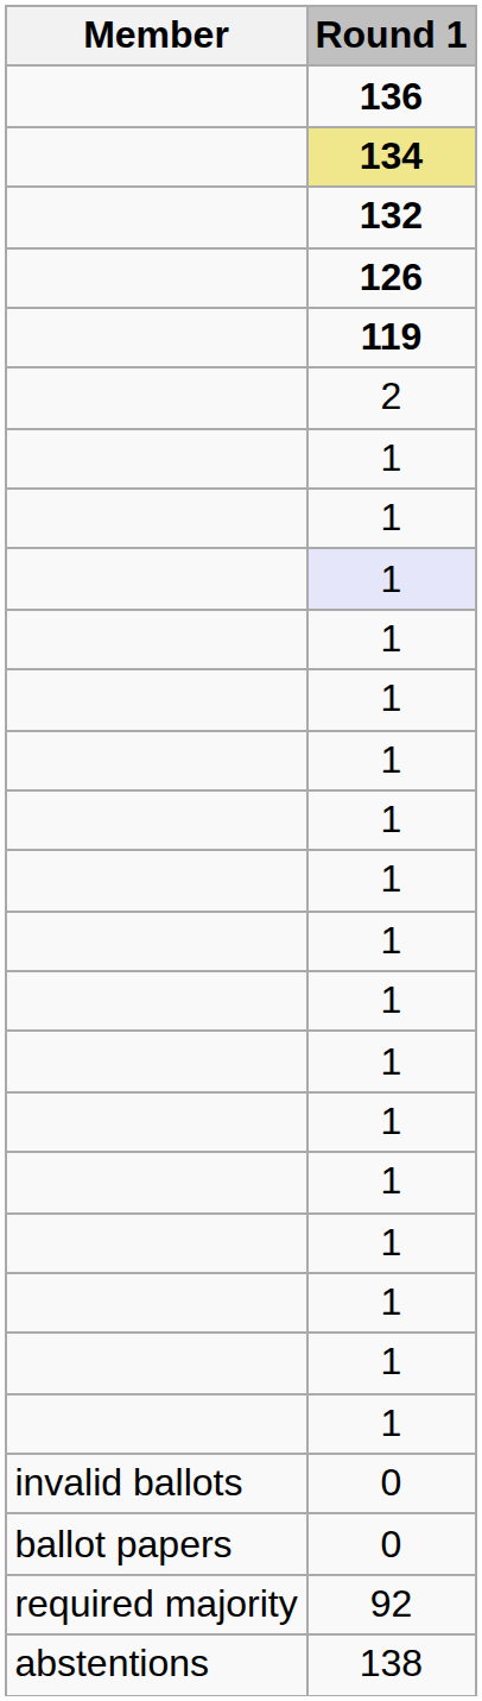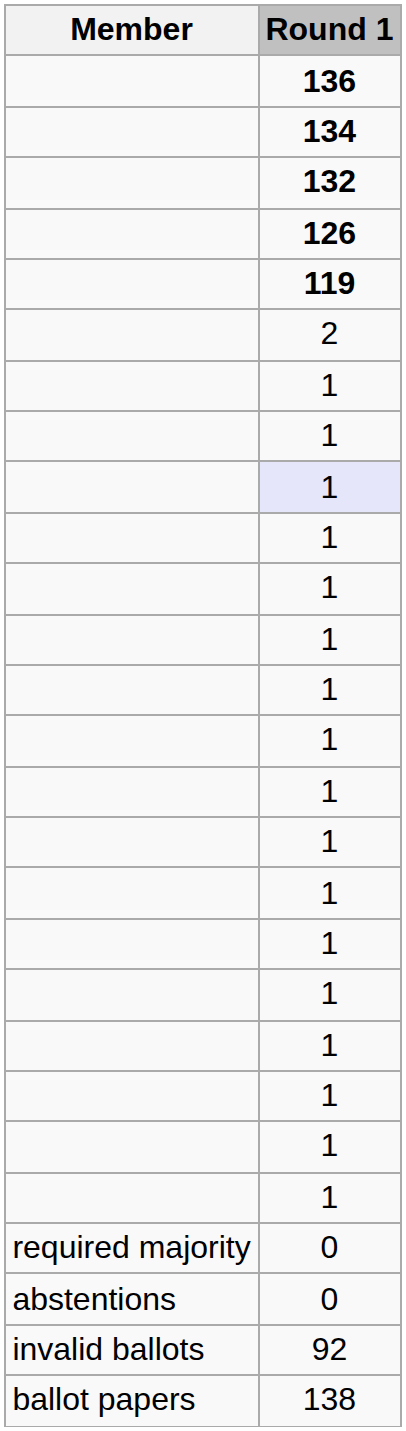 <table class="wikitable collapsible">
 <tr>
 <th>Member</th>
 <td style="background:silver;"><strong>Round 1</strong></td>
 </tr>
 <tr>
 <td></td>
 <td style="text-align:center;"><strong>136</strong></td>
 </tr>
 <tr>
 <td></td>
-<td style="background: khaki; text-align:center;"><strong>134</strong></td>
+<td style="text-align:center;"><strong>134</strong></td>
 </tr>
 <tr>
 <td></td>
 <td style="text-align:center;"><strong>132</strong></td>
 </tr>
 <tr>
 <td></td>
 <td style="text-align:center;"><strong>126</strong></td>
 </tr>
 <tr>
 <td></td>
 <td style="text-align:center;"><strong>119</strong></td>
 </tr>
 <tr>
 <td></td>
 <td style="text-align:center;">2</td>
 </tr>
 <tr>
 <td></td>
 <td style="text-align:center;">1</td>
 </tr>
 <tr>
 <td></td>
 <td style="text-align:center;">1</td>
 </tr>
 <tr>
 <td></td>
 <td style="background: lavender; text-align:center;">1</td>
 </tr>
 <tr>
 <td></td>
 <td style="text-align:center;">1</td>
 </tr>
 <tr>
 <td></td>
 <td style="text-align:center;">1</td>
 </tr>
 <tr>
 <td></td>
 <td style="text-align:center;">1</td>
 </tr>
 <tr>
 <td></td>
 <td style="text-align:center;">1</td>
 </tr>
 <tr>
 <td></td>
 <td style="text-align:center;">1</td>
 </tr>
 <tr>
 <td></td>
 <td style="text-align:center;">1</td>
 </tr>
 <tr>
 <td></td>
 <td style="text-align:center;">1</td>
 </tr>
 <tr>
 <td></td>
 <td style="text-align:center;">1</td>
 </tr>
 <tr>
 <td></td>
 <td style="text-align:center;">1</td>
 </tr>
 <tr>
 <td></td>
 <td style="text-align:center;">1</td>
 </tr>
 <tr>
 <td></td>
 <td style="text-align:center;">1</td>
 </tr>
 <tr>
 <td></td>
 <td style="text-align:center;">1</td>
 </tr>
 <tr>
 <td></td>
 <td style="text-align:center;">1</td>
 </tr>
 <tr>
 <td></td>
 <td style="text-align:center;">1</td>
 </tr>
 <tr>
-<td>invalid ballots</td>
+<td>required majority</td>
 <td style="text-align:center;">0</td>
 </tr>
 <tr>
-<td>ballot papers</td>
+<td>abstentions</td>
 <td style="text-align:center;">0</td>
 </tr>
 <tr>
-<td>required majority</td>
+<td>invalid ballots</td>
 <td style="text-align:center;">92</td>
 </tr>
 <tr>
-<td>abstentions</td>
+<td>ballot papers</td>
 <td style="text-align:center;">138</td>
 </tr>
 </table>
